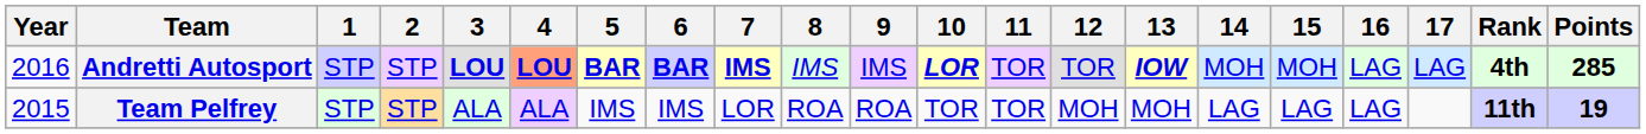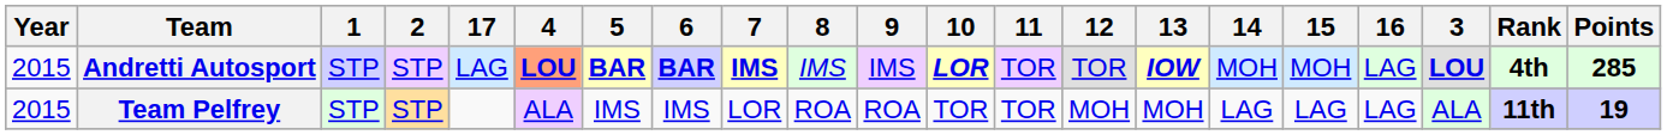 <table class="wikitable" style="text-align:center; font-size:85%">
 <tr>
 <th>Year</th>
 <th>Team</th>
 <th>1</th>
 <th>2</th>
-<th>3</th>
+<th>17</th>
 <th>4</th>
 <th>5</th>
 <th>6</th>
 <th>7</th>
 <th>8</th>
 <th>9</th>
 <th>10</th>
 <th>11</th>
 <th>12</th>
 <th>13</th>
 <th>14</th>
 <th>15</th>
 <th>16</th>
-<th>17</th>
+<th>3</th>
 <th>Rank</th>
 <th>Points</th>
 </tr>
 <tr>
-<td><a href='#'>2016</a></td>
+<td><a href='#'>2015</a></td>
 <th nowrap><a href='#'>Andretti Autosport</a></th>
 <td style="background:#CFCFFF;"><a href='#'>STP</a><br></td>
 <td style="background:#EFCFFF;"><a href='#'>STP</a><br></td>
-<td style="background:#DFDFDF;"><strong><a href='#'>LOU</a></strong><br></td>
+<td style="background:#CFEAFF;"><a href='#'>LAG</a><br></td>
 <td style="background: lightsalmon;"><strong><a href='#'>LOU</a></strong><br></td>
 <td style="background:#FFFFBF;"><strong><a href='#'>BAR</a></strong><br></td>
 <td style="background:#CFCFFF;"><strong><a href='#'>BAR</a></strong><br></td>
 <td style="background:#FFFFBF;"><strong><a href='#'>IMS</a></strong><br></td>
 <td style="background:#DFFFDF;"><em><a href='#'>IMS</a></em><br></td>
 <td style="background:#EFCFFF;"><a href='#'>IMS</a><br></td>
 <td style="background:#FFFFBF;"><strong><em><a href='#'>LOR</a></em></strong><br></td>
 <td style="background:#EFCFFF;"><a href='#'>TOR</a><br></td>
 <td style="background:#DFDFDF;"><a href='#'>TOR</a><br></td>
 <td style="background:#FFFFBF;"><strong><em><a href='#'>IOW</a></em></strong><br></td>
 <td style="background:#CFEAFF;"><a href='#'>MOH</a><br></td>
 <td style="background:#CFEAFF;"><a href='#'>MOH</a><br></td>
 <td style="background:#DFFFDF;"><a href='#'>LAG</a><br></td>
-<td style="background:#CFEAFF;"><a href='#'>LAG</a><br></td>
+<td style="background:#DFDFDF;"><strong><a href='#'>LOU</a></strong><br></td>
 <td style="background:#DFFFDF;"><strong>4th</strong></td>
 <td style="background:#DFFFDF;"><strong>285</strong></td>
 </tr>
 <tr>
 <td><a href='#'>2015</a></td>
 <th><a href='#'>Team Pelfrey</a></th>
 <td style="background:#DFFFDF;"><a href='#'>STP</a><br></td>
 <td style="background:#FFDF9F;"><a href='#'>STP</a><br></td>
-<td style="background:#DFFFDF;"><a href='#'>ALA</a><br></td>
+<td></td>
 <td style="background:#EFCFFF;"><a href='#'>ALA</a><br></td>
 <td style="background:"><a href='#'>IMS</a></td>
 <td style="background:"><a href='#'>IMS</a></td>
 <td style="background:"><a href='#'>LOR</a></td>
 <td style="background:"><a href='#'>ROA</a></td>
 <td style="background:"><a href='#'>ROA</a></td>
 <td style="background:"><a href='#'>TOR</a></td>
 <td style="background:"><a href='#'>TOR</a></td>
 <td style="background:"><a href='#'>MOH</a></td>
 <td style="background:"><a href='#'>MOH</a></td>
 <td style="background:"><a href='#'>LAG</a></td>
 <td style="background:"><a href='#'>LAG</a></td>
 <td style="background:"><a href='#'>LAG</a></td>
-<td></td>
+<td style="background:#DFFFDF;"><a href='#'>ALA</a><br></td>
 <td style="background:#CFCFFF;"><strong>11th</strong></td>
 <td style="background:#CFCFFF;"><strong>19</strong></td>
 </tr>
 </table>
